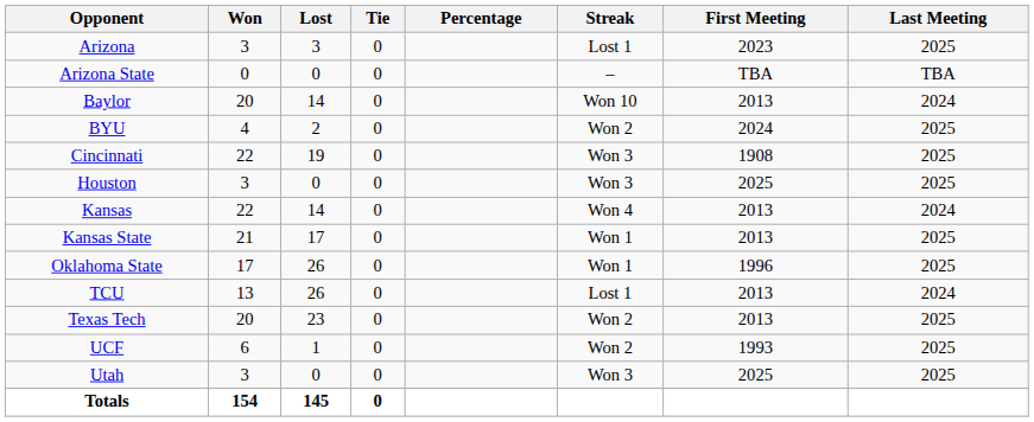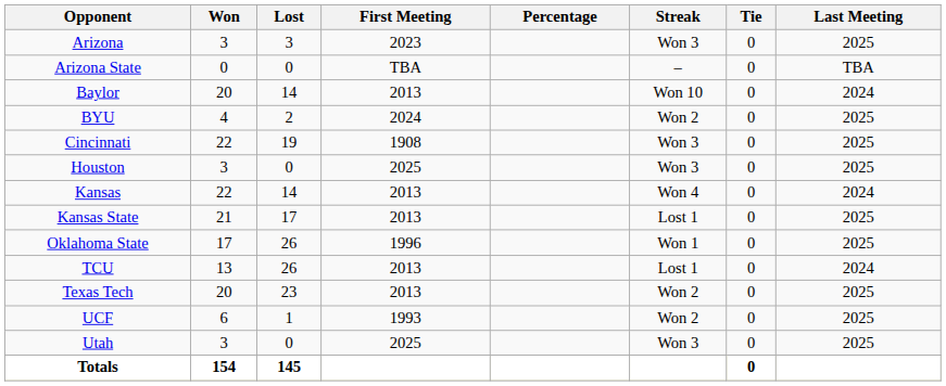 <table cellpadding="1" style="width:75%;" class="wikitable">
 <tr>
 <th>Opponent</th>
 <th>Won</th>
 <th>Lost</th>
-<th>Tie</th>
+<th>First Meeting</th>
 <th>Percentage</th>
 <th>Streak</th>
-<th>First Meeting</th>
+<th>Tie</th>
 <th>Last Meeting</th>
 </tr>
 <tr style="text-align:center;">
 <td><a href='#'>Arizona</a></td>
 <td>3</td>
 <td>3</td>
+<td>2023</td>
+<td></td>
+<td>Won 3</td>
 <td>0</td>
-<td></td>
-<td>Lost 1</td>
-<td>2023</td>
 <td>2025</td>
 </tr>
 <tr style="text-align:center;">
 <td><a href='#'>Arizona State</a></td>
 <td>0</td>
 <td>0</td>
-<td>0</td>
+<td>TBA</td>
 <td></td>
 <td>–</td>
-<td>TBA</td>
+<td>0</td>
 <td>TBA</td>
 </tr>
 <tr style="text-align:center;">
 <td><a href='#'>Baylor</a></td>
 <td>20</td>
 <td>14</td>
-<td>0</td>
+<td>2013</td>
 <td></td>
 <td>Won 10</td>
-<td>2013</td>
+<td>0</td>
 <td>2024</td>
 </tr>
 <tr style="text-align:center;">
 <td><a href='#'>BYU</a></td>
 <td>4</td>
 <td>2</td>
-<td>0</td>
+<td>2024</td>
 <td></td>
 <td>Won 2</td>
-<td>2024</td>
+<td>0</td>
 <td>2025</td>
 </tr>
 <tr style="text-align:center;">
 <td><a href='#'>Cincinnati</a></td>
 <td>22</td>
 <td>19</td>
-<td>0</td>
+<td>1908</td>
 <td></td>
 <td>Won 3</td>
-<td>1908</td>
+<td>0</td>
 <td>2025</td>
 </tr>
 <tr style="text-align:center;">
 <td><a href='#'>Houston</a></td>
 <td>3</td>
 <td>0</td>
-<td>0</td>
+<td>2025</td>
 <td></td>
 <td>Won 3</td>
-<td>2025</td>
+<td>0</td>
 <td>2025</td>
 </tr>
 <tr style="text-align:center;">
 <td><a href='#'>Kansas</a></td>
 <td>22</td>
 <td>14</td>
-<td>0</td>
+<td>2013</td>
 <td></td>
 <td>Won 4</td>
-<td>2013</td>
+<td>0</td>
 <td>2024</td>
 </tr>
 <tr style="text-align:center;">
 <td><a href='#'>Kansas State</a></td>
 <td>21</td>
 <td>17</td>
+<td>2013</td>
+<td></td>
+<td>Lost 1</td>
 <td>0</td>
-<td></td>
-<td>Won 1</td>
-<td>2013</td>
 <td>2025</td>
 </tr>
 <tr style="text-align:center;">
 <td><a href='#'>Oklahoma State</a></td>
 <td>17</td>
 <td>26</td>
-<td>0</td>
+<td>1996</td>
 <td></td>
 <td>Won 1</td>
-<td>1996</td>
+<td>0</td>
 <td>2025</td>
 </tr>
 <tr style="text-align:center;">
 <td><a href='#'>TCU</a></td>
 <td>13</td>
 <td>26</td>
-<td>0</td>
+<td>2013</td>
 <td></td>
 <td>Lost 1</td>
-<td>2013</td>
+<td>0</td>
 <td>2024</td>
 </tr>
 <tr style="text-align:center;">
 <td><a href='#'>Texas Tech</a></td>
 <td>20</td>
 <td>23</td>
-<td>0</td>
+<td>2013</td>
 <td></td>
 <td>Won 2</td>
-<td>2013</td>
+<td>0</td>
 <td>2025</td>
 </tr>
 <tr style="text-align:center;">
 <td><a href='#'>UCF</a></td>
 <td>6</td>
 <td>1</td>
-<td>0</td>
+<td>1993</td>
 <td></td>
 <td>Won 2</td>
-<td>1993</td>
+<td>0</td>
 <td>2025</td>
 </tr>
 <tr style="text-align:center;">
 <td><a href='#'>Utah</a></td>
 <td>3</td>
 <td>0</td>
-<td>0</td>
+<td>2025</td>
 <td></td>
 <td>Won 3</td>
-<td>2025</td>
+<td>0</td>
 <td>2025</td>
 </tr>
 <tr class="unsortable" style="text-align:center; background:#CCCC66;">
 <th style="background:white; color:black;"><strong>Totals</strong></th>
 <th style="background:white; color:black;"><strong>154</strong></th>
 <th style="background:white; color:black;"><strong>145</strong></th>
-<th style="background:white; color:black;"><strong>0</strong></th>
+<th style="background:white; color:black;"></th>
 <th style="background:white; color:black;"><strong></strong></th>
 <th style="background:white; color:black;"></th>
-<th style="background:white; color:black;"></th>
+<th style="background:white; color:black;"><strong>0</strong></th>
 <th style="background:white; color:black;"></th>
 </tr>
 </table>
